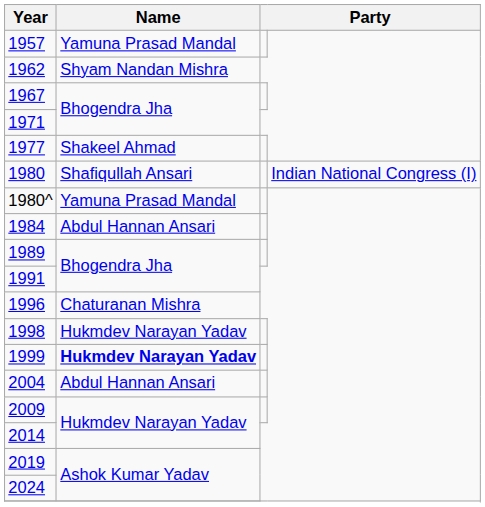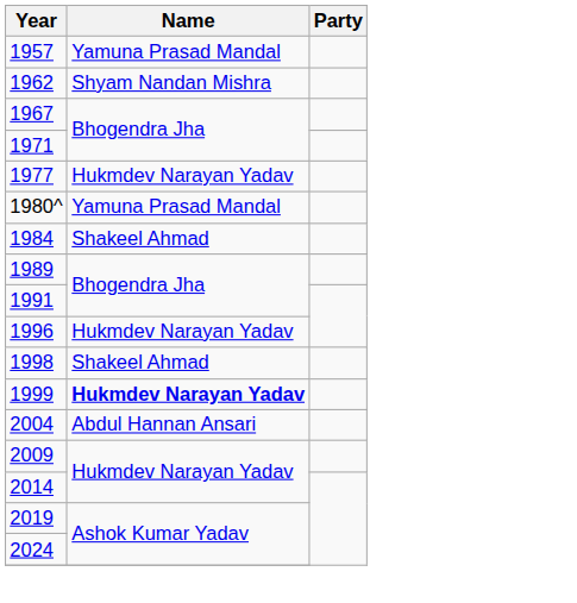 <table class="wikitable">
 <tr>
 <th>Year</th>
 <th>Name</th>
 <th colspan=2>Party</th>
 </tr>
 <tr>
 <td><a href='#'>1957</a></td>
 <td><a href='#'>Yamuna Prasad Mandal</a></td>
 <td></td>
 </tr>
 <tr>
 <td><a href='#'>1962</a></td>
 <td><a href='#'>Shyam Nandan Mishra</a></td>
 </tr>
 <tr>
 <td><a href='#'>1967</a></td>
 <td rowspan="2"><a href='#'>Bhogendra Jha</a></td>
 <td></td>
 </tr>
 <tr>
 <td><a href='#'>1971</a></td>
 </tr>
 <tr>
 <td><a href='#'>1977</a></td>
-<td><a href='#'>Shakeel Ahmad</a></td>
+<td><a href='#'>Hukmdev Narayan Yadav</a></td>
 <td></td>
-</tr>
-<tr>
-<td><a href='#'>1980</a></td>
-<td><a href='#'>Shafiqullah Ansari</a></td>
-<td style="background-color: "></td>
-<td><a href='#'>Indian National Congress (I)</a></td>
 </tr>
 <tr>
 <td>1980^</td>
 <td><a href='#'>Yamuna Prasad Mandal</a></td>
 <td></td>
 </tr>
 <tr>
 <td><a href='#'>1984</a></td>
-<td><a href='#'>Abdul Hannan Ansari</a></td>
+<td><a href='#'>Shakeel Ahmad</a></td>
 <td></td>
 </tr>
 <tr>
 <td><a href='#'>1989</a></td>
 <td rowspan="2"><a href='#'>Bhogendra Jha</a></td>
 <td></td>
 </tr>
 <tr>
 <td><a href='#'>1991</a></td>
 </tr>
 <tr>
 <td><a href='#'>1996</a></td>
-<td><a href='#'>Chaturanan Mishra</a></td>
+<td><a href='#'>Hukmdev Narayan Yadav</a></td>
 </tr>
 <tr>
 <td><a href='#'>1998</a></td>
-<td><a href='#'>Hukmdev Narayan Yadav</a></td>
+<td><a href='#'>Shakeel Ahmad</a></td>
 <td></td>
 </tr>
 <tr>
 <td><a href='#'>1999</a></td>
 <td><strong><a href='#'>Hukmdev Narayan Yadav</a></strong></td>
 <td></td>
 </tr>
 <tr>
 <td><a href='#'>2004</a></td>
 <td><a href='#'>Abdul Hannan Ansari</a></td>
 <td></td>
 </tr>
 <tr>
 <td><a href='#'>2009</a></td>
 <td rowspan="2"><a href='#'>Hukmdev Narayan Yadav</a></td>
 <td></td>
 </tr>
 <tr>
 <td><a href='#'>2014</a></td>
 </tr>
 <tr>
 <td><a href='#'>2019</a></td>
 <td rowspan="2"><a href='#'>Ashok Kumar Yadav</a></td>
 </tr>
 <tr>
 <td><a href='#'>2024</a></td>
 </tr>
 <tr>
 </tr>
 </table>
